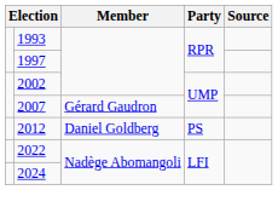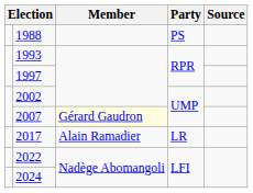 <table class="wikitable">
 <tr>
 <th colspan="2">Election</th>
 <th>Member</th>
 <th>Party</th>
 <th>Source</th>
+</tr>
+<tr>
+<td style="color:inherit;background-color: "></td>
+<td><a href='#'>1988</a></td>
+<td></td>
+<td><a href='#'>PS</a></td>
+<td></td>
 </tr>
 <tr>
 <td rowspan=2 style="color:inherit;background-color: "></td>
 <td><a href='#'>1993</a></td>
 <td rowspan=3></td>
 <td rowspan=2><a href='#'>RPR</a></td>
 <td></td>
 </tr>
 <tr>
 <td><a href='#'>1997</a></td>
 <td></td>
 </tr>
 <tr>
 <td rowspan=2 style="color:inherit;background-color: "></td>
 <td><a href='#'>2002</a></td>
 <td rowspan=2><a href='#'>UMP</a></td>
 <td></td>
 </tr>
 <tr>
 <td><a href='#'>2007</a></td>
-<td><a href='#'>Gérard Gaudron</a></td>
+<td style="background: lightyellow;"><a href='#'>Gérard Gaudron</a></td>
 <td></td>
 </tr>
 <tr>
 <td style="color:inherit;background-color: "></td>
-<td><a href='#'>2012</a></td>
-<td><a href='#'>Daniel Goldberg</a></td>
-<td><a href='#'>PS</a></td>
+<td><a href='#'>2017</a></td>
+<td><a href='#'>Alain Ramadier</a></td>
+<td><a href='#'>LR</a></td>
 <td></td>
 </tr>
 <tr>
 <td style="color:inherit;background-color: "></td>
 <td><a href='#'>2022</a></td>
 <td rowspan="2"><a href='#'>Nadège Abomangoli</a></td>
 <td rowspan="2"><a href='#'>LFI</a></td>
 <td rowspan="2"></td>
 </tr>
 <tr>
 <td style="color:inherit;background-color: "></td>
 <td><a href='#'>2024</a></td>
 </tr>
 </table>
